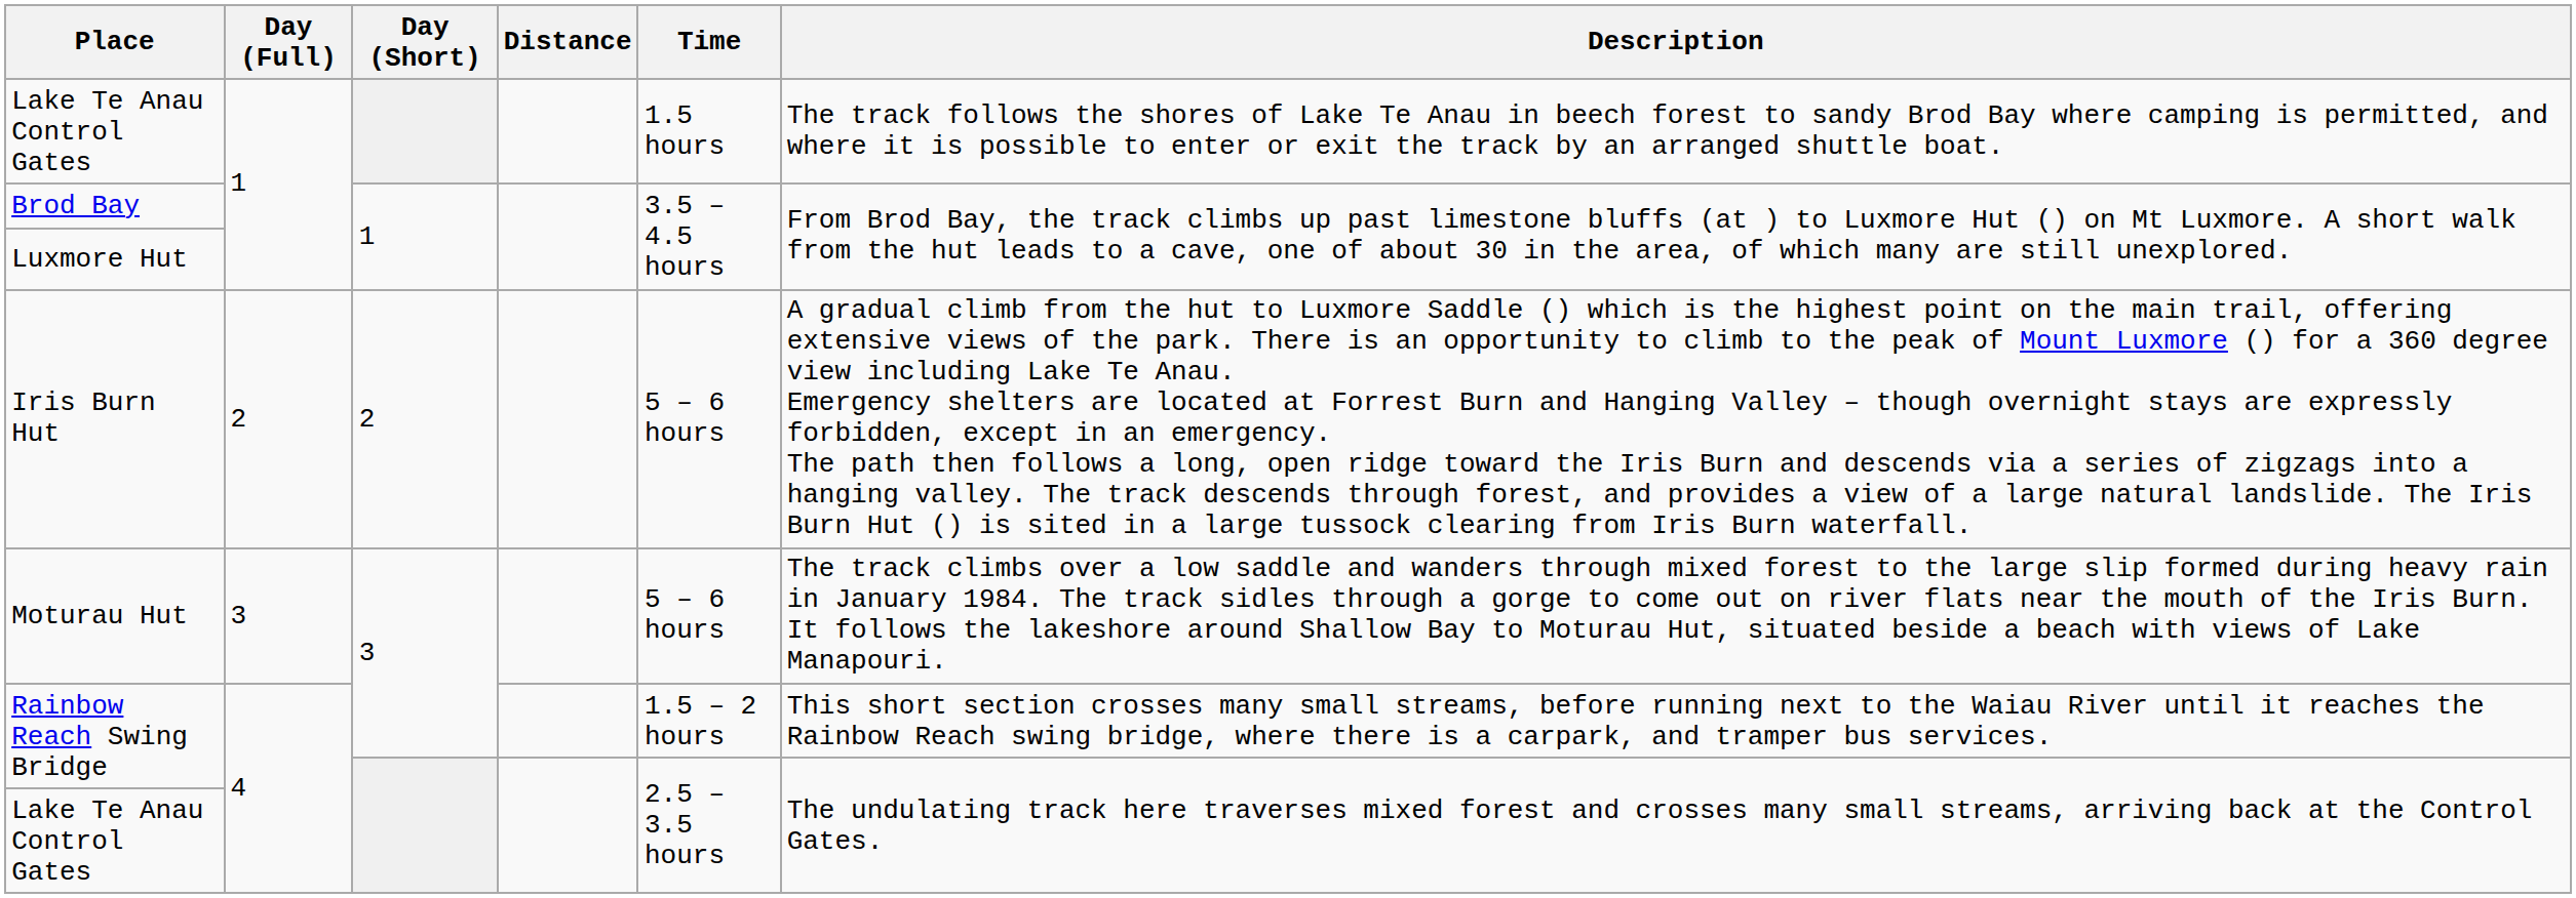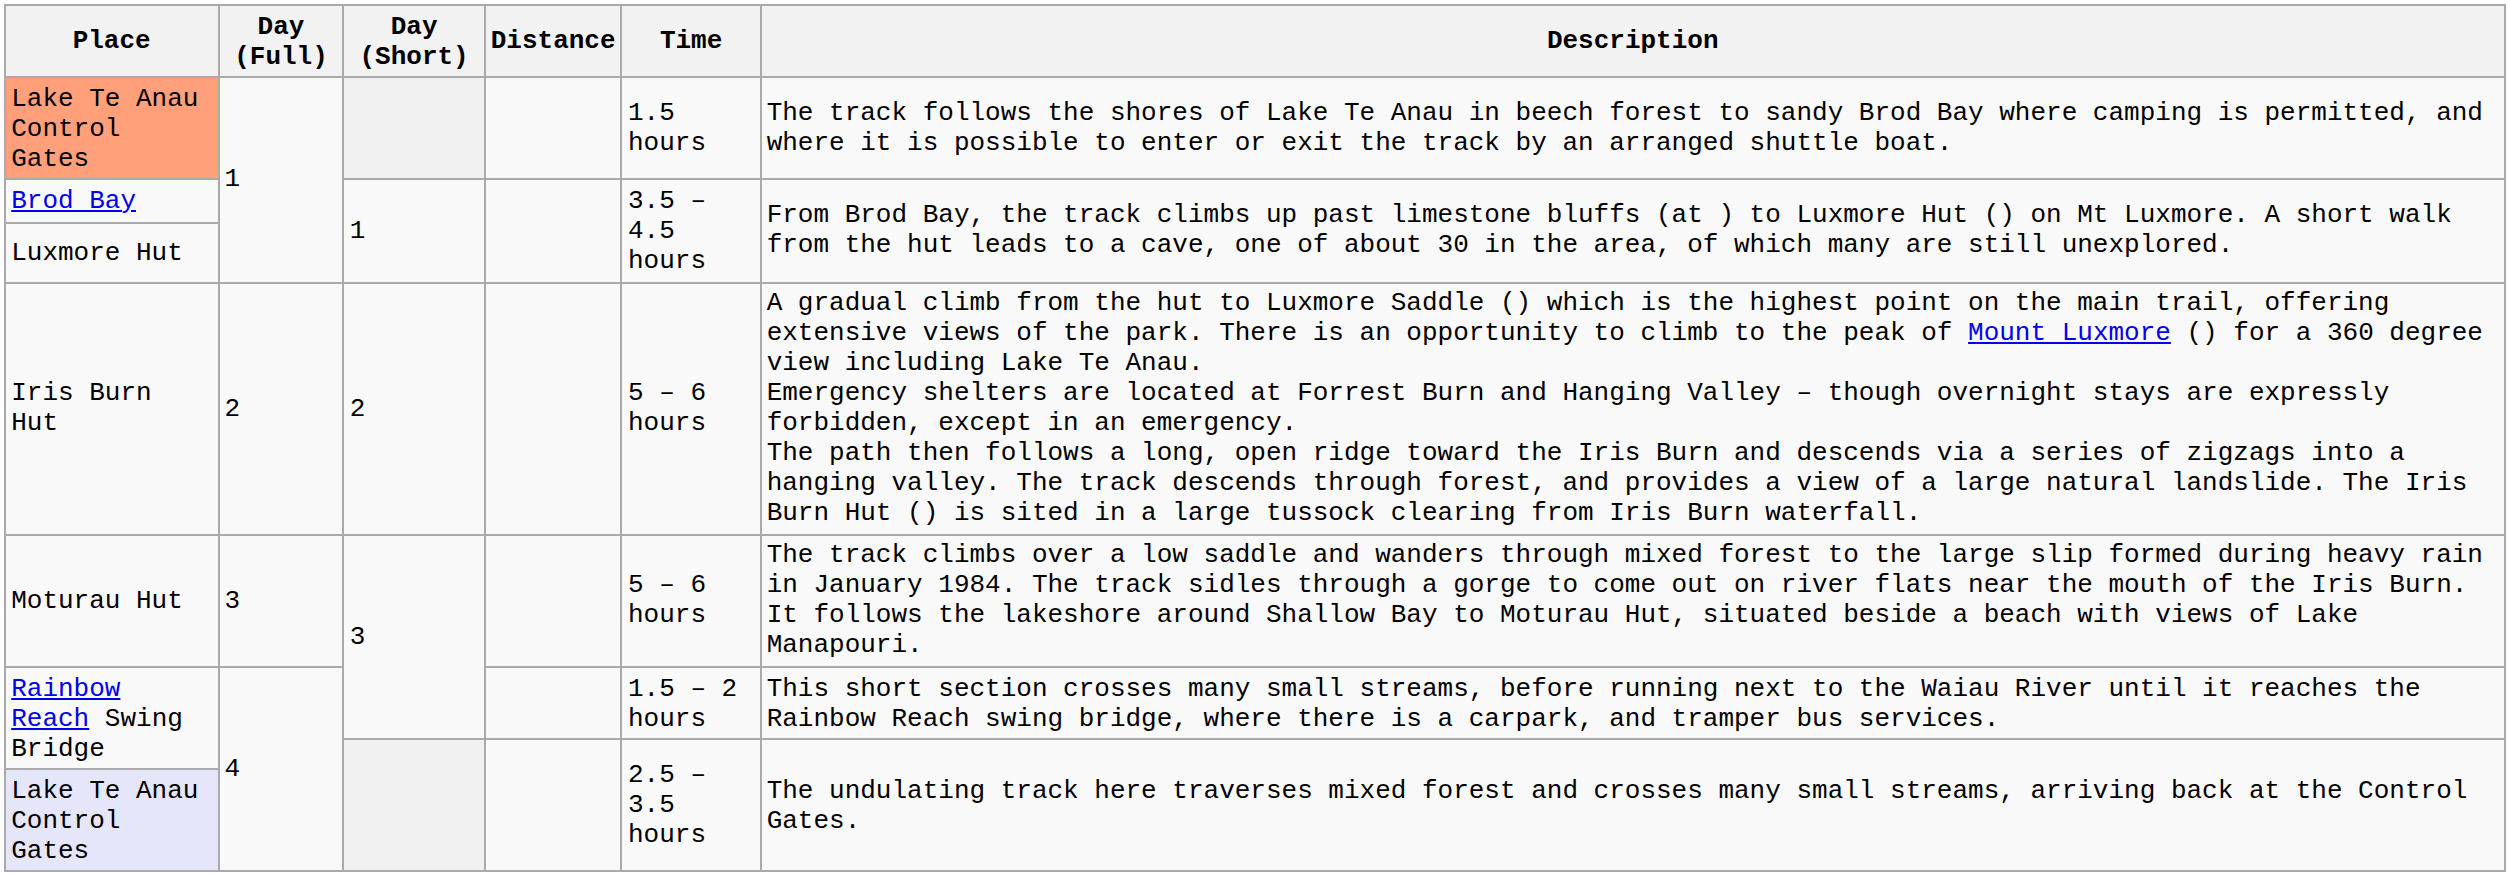 <table class="wikitable">
 <tr>
 <th>Place</th>
 <th>Day (Full)</th>
 <th>Day (Short)</th>
 <th>Distance</th>
 <th>Time</th>
 <th>Description</th>
 </tr>
 <tr>
-<td rowspan="1">Lake Te Anau Control Gates<br></td>
+<td rowspan="1" style="background: lightsalmon;">Lake Te Anau Control Gates<br></td>
 <td rowspan="4">1</td>
 <td rowspan="2" bgcolor="#f0f0f0"> </td>
 <td rowspan="2"></td>
 <td rowspan="2">1.5 hours</td>
 <td rowspan="2">The track follows the shores of Lake Te Anau in beech forest to sandy Brod Bay where camping is permitted, and where it is possible to enter or exit the track by an arranged shuttle boat.</td>
 </tr>
 <tr>
 <td rowspan="2"><a href='#'>Brod Bay</a></td>
 </tr>
 <tr>
 <td rowspan="2">1</td>
 <td rowspan="2"></td>
 <td rowspan="2">3.5 – 4.5 hours</td>
 <td rowspan="2">From Brod Bay, the track climbs up past limestone bluffs (at ) to Luxmore Hut () on Mt Luxmore. A short walk from the hut leads to a cave, one of about 30 in the area, of which many are still unexplored.</td>
 </tr>
 <tr>
 <td rowspan="2">Luxmore Hut</td>
 </tr>
 <tr>
 <td rowspan="2">2</td>
 <td rowspan="2">2</td>
 <td rowspan="2"></td>
 <td rowspan="2">5 – 6 hours</td>
 <td rowspan="2">A gradual climb from the hut to Luxmore Saddle () which is the highest point on the main trail, offering extensive views of the park. There is an opportunity to climb to the peak of <a href='#'>Mount Luxmore</a> () for a 360 degree view including Lake Te Anau.<br>Emergency shelters are located at Forrest Burn and Hanging Valley – though overnight stays are expressly forbidden, except in an emergency.<br>The path then follows a long, open ridge toward the Iris Burn and descends via a series of zigzags into a hanging valley. The track descends through forest, and provides a view of a large natural landslide. The Iris Burn Hut () is sited in a large tussock clearing  from Iris Burn waterfall.</td>
 </tr>
 <tr>
 <td rowspan="2">Iris Burn Hut</td>
 </tr>
 <tr>
 <td rowspan="2">3</td>
 <td rowspan="4">3</td>
 <td rowspan="2"></td>
 <td rowspan="2">5 – 6 hours</td>
 <td rowspan="2">The track climbs over a low saddle and wanders through mixed forest to the large slip formed during heavy rain in January 1984. The track sidles through a gorge to come out on river flats near the mouth of the Iris Burn. It follows the lakeshore around Shallow Bay to Moturau Hut, situated beside a beach with views of Lake Manapouri.</td>
 </tr>
 <tr>
 <td rowspan="2">Moturau Hut<br></td>
 </tr>
 <tr -45.383128,167.663984>
 <td rowspan="4">4</td>
 <td rowspan="2"></td>
 <td rowspan="2">1.5 – 2 hours</td>
 <td rowspan="2">This short section crosses many small streams, before running next to the Waiau River until it reaches the Rainbow Reach swing bridge, where there is a carpark, and tramper bus services.</td>
 </tr>
 <tr>
 <td rowspan="2"><a href='#'>Rainbow Reach</a> Swing Bridge<br></td>
 </tr>
 <tr>
 <td rowspan="2" bgcolor="#f0f0f0"> </td>
 <td rowspan="2"></td>
 <td rowspan="2">2.5 – 3.5 hours</td>
 <td rowspan="2">The undulating track here traverses mixed forest and crosses many small streams, arriving back at the Control Gates.</td>
 </tr>
 <tr>
-<td rowspan="1">Lake Te Anau Control Gates</td>
+<td rowspan="1" style="background: lavender;">Lake Te Anau Control Gates</td>
 </tr>
 </table>
